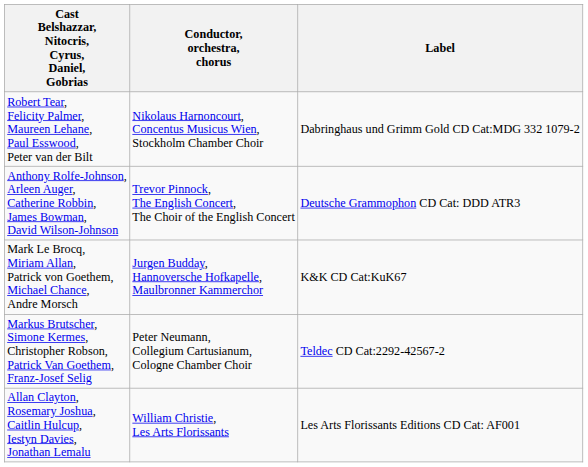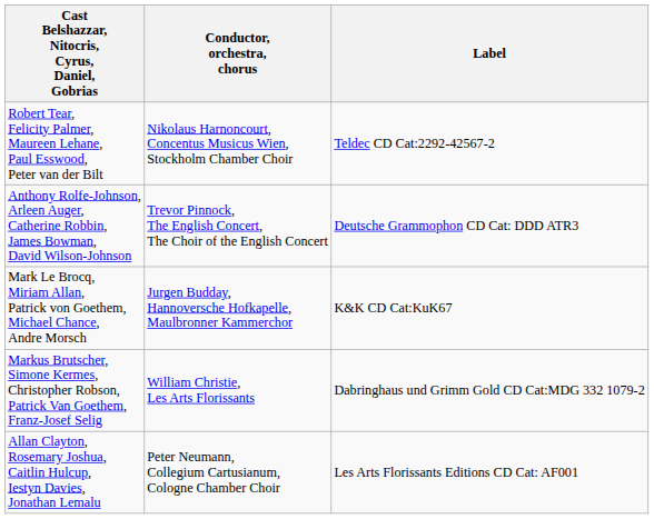 <table class="wikitable">
 <tr>
 <th>Cast<br>Belshazzar,<br>Nitocris,<br>Cyrus,<br>Daniel,<br>Gobrias</th>
 <th>Conductor,<br>orchestra,<br>chorus</th>
 <th>Label</th>
 </tr>
 <tr>
 <td><a href='#'>Robert Tear</a>,<br><a href='#'>Felicity Palmer</a>,<br><a href='#'>Maureen Lehane</a>,<br><a href='#'>Paul Esswood</a>,<br>Peter van der Bilt</td>
 <td><a href='#'>Nikolaus Harnoncourt</a>,<br><a href='#'>Concentus Musicus Wien</a>,<br>Stockholm Chamber Choir</td>
-<td>Dabringhaus und Grimm Gold CD Cat:MDG 332 1079-2</td>
+<td><a href='#'>Teldec</a> CD Cat:2292-42567-2</td>
 </tr>
 <tr>
 <td><a href='#'>Anthony Rolfe-Johnson</a>,<br><a href='#'>Arleen Auger</a>,<br><a href='#'>Catherine Robbin</a>,<br><a href='#'>James Bowman</a>,<br><a href='#'>David Wilson-Johnson</a></td>
 <td><a href='#'>Trevor Pinnock</a>,<br><a href='#'>The English Concert</a>,<br>The Choir of the English Concert</td>
 <td><a href='#'>Deutsche Grammophon</a> CD Cat: DDD ATR3</td>
 </tr>
 <tr>
 <td>Mark Le Brocq,<br><a href='#'>Miriam Allan</a>,<br>Patrick von Goethem,<br><a href='#'>Michael Chance</a>,<br>Andre Morsch</td>
 <td><a href='#'>Jurgen Budday</a>,<br><a href='#'>Hannoversche Hofkapelle</a>,<br><a href='#'>Maulbronner Kammerchor</a></td>
 <td>K&K CD Cat:KuK67</td>
 </tr>
 <tr>
 <td><a href='#'>Markus Brutscher</a>,<br><a href='#'>Simone Kermes</a>,<br>Christopher Robson,<br><a href='#'>Patrick Van Goethem</a>,<br><a href='#'>Franz-Josef Selig</a></td>
-<td>Peter Neumann,<br>Collegium Cartusianum,<br>Cologne Chamber Choir</td>
-<td><a href='#'>Teldec</a> CD Cat:2292-42567-2</td>
+<td><a href='#'>William Christie</a>,<br><a href='#'>Les Arts Florissants</a><br></td>
+<td>Dabringhaus und Grimm Gold CD Cat:MDG 332 1079-2</td>
 </tr>
 <tr>
 <td><a href='#'>Allan Clayton</a>,<br><a href='#'>Rosemary Joshua</a>,<br><a href='#'>Caitlin Hulcup</a>,<br><a href='#'>Iestyn Davies</a>,<br><a href='#'>Jonathan Lemalu</a></td>
-<td><a href='#'>William Christie</a>,<br><a href='#'>Les Arts Florissants</a><br></td>
+<td>Peter Neumann,<br>Collegium Cartusianum,<br>Cologne Chamber Choir</td>
 <td>Les Arts Florissants Editions CD Cat: AF001</td>
 </tr>
 </table>
